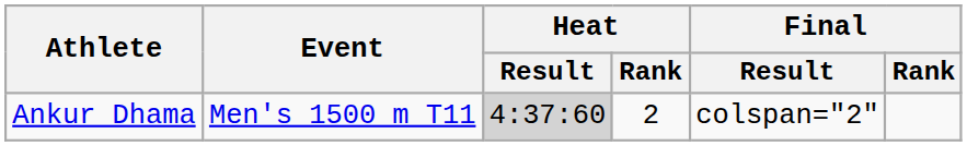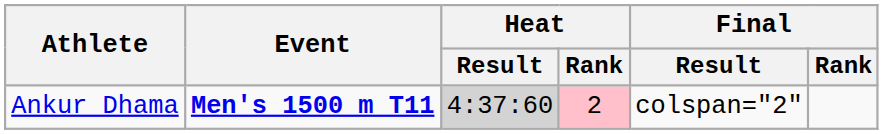 <table class="wikitable" style="font-size:90%">
 <tr>
 <th rowspan="2">Athlete</th>
 <th rowspan="2">Event</th>
 <th colspan="2">Heat</th>
 <th colspan="2">Final</th>
 </tr>
 <tr style="font-size:95%">
 <th>Result</th>
 <th>Rank</th>
 <th>Result</th>
 <th>Rank</th>
 </tr>
 <tr align=center>
 <td align=left><a href='#'>Ankur Dhama</a></td>
-<td align=left><a href='#'>Men's 1500 m T11</a></td>
+<td align=left><strong><a href='#'>Men's 1500 m T11</a></strong></td>
 <td style="background: lightgrey;">4:37:60</td>
-<td>2</td>
+<td style="background: pink;">2</td>
 <td>colspan="2" </td>
 </tr>
 </table>
